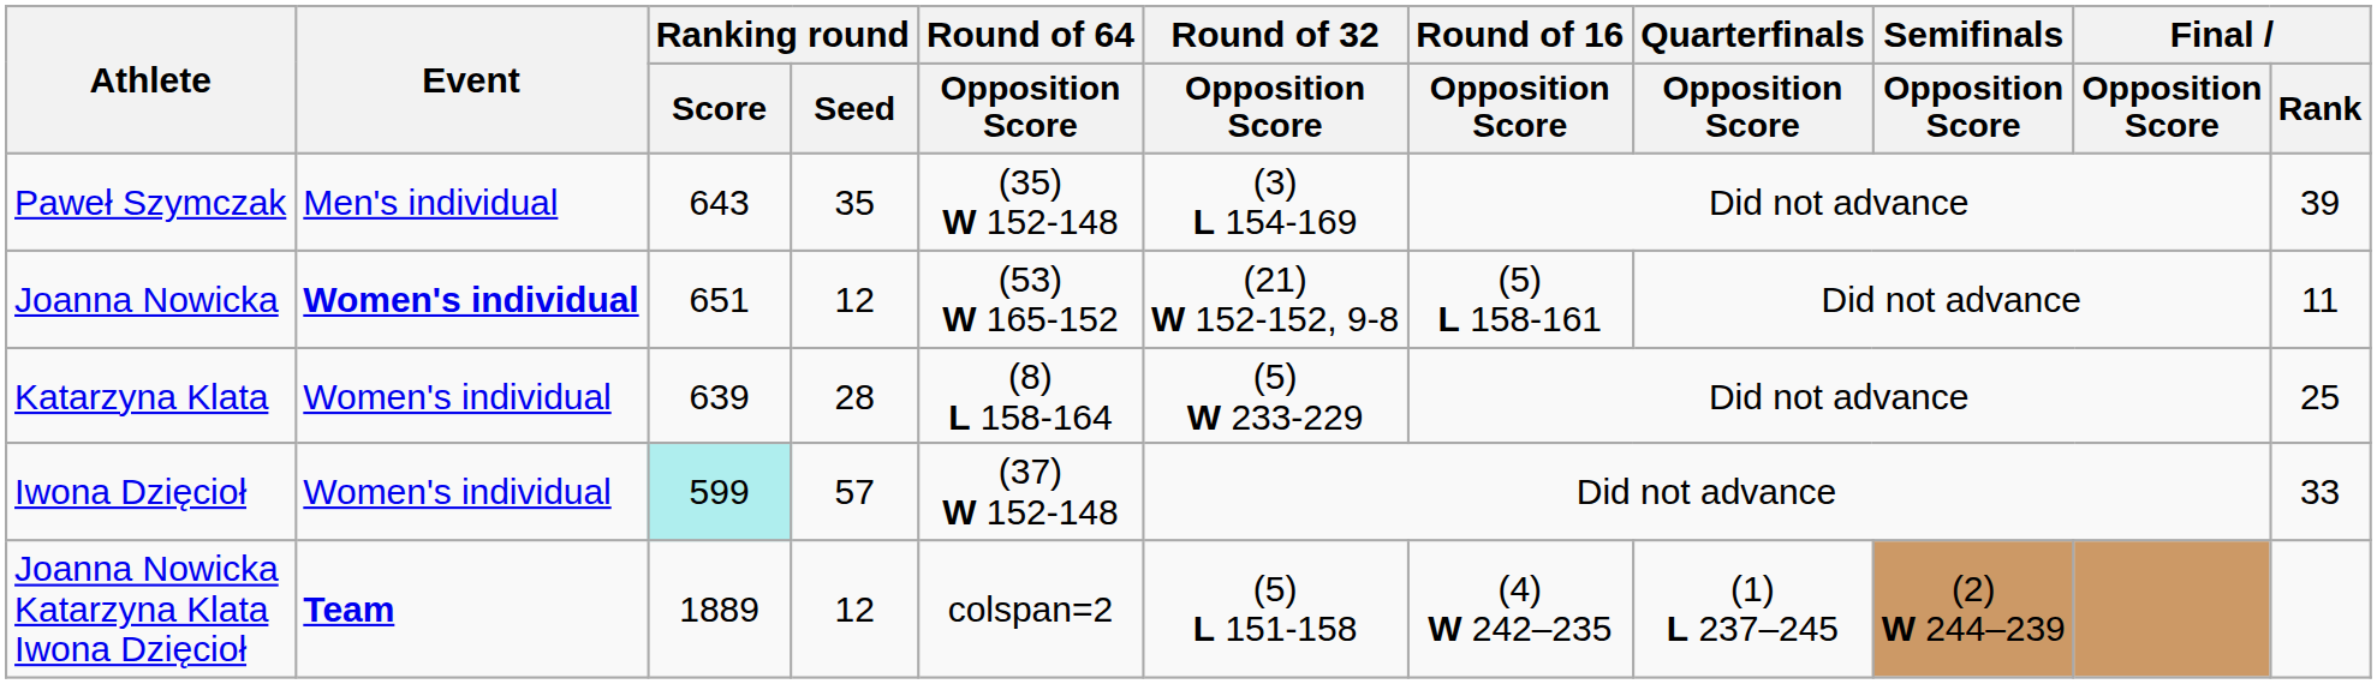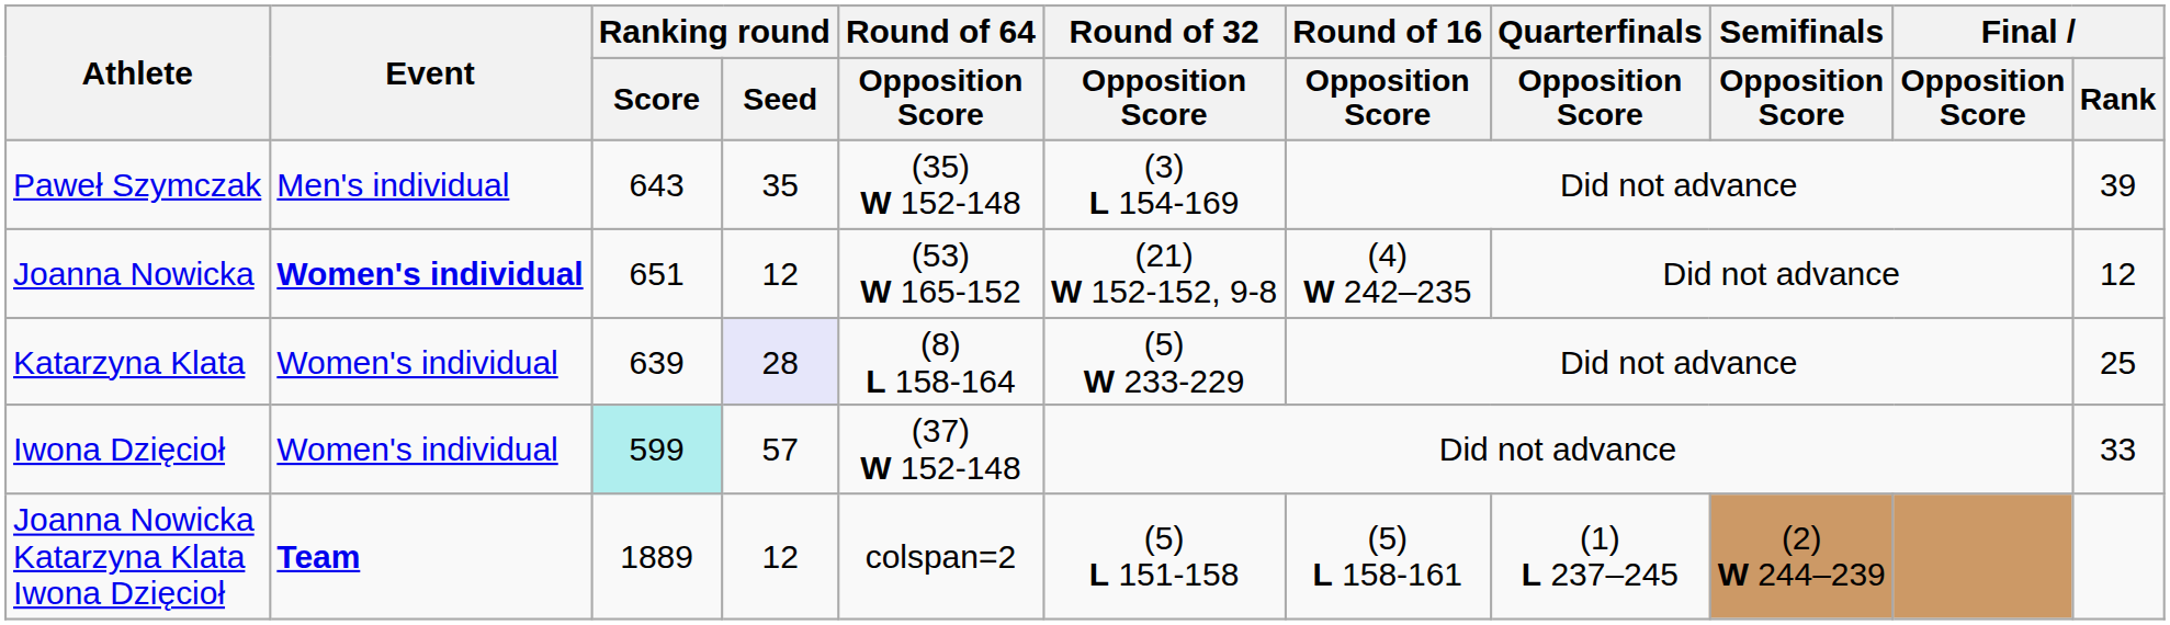 <table class="wikitable" style="font-size:90%">
 <tr>
 <th rowspan="2">Athlete</th>
 <th rowspan="2">Event</th>
 <th colspan="2">Ranking round</th>
 <th>Round of 64</th>
 <th>Round of 32</th>
 <th>Round of 16</th>
 <th>Quarterfinals</th>
 <th>Semifinals</th>
 <th colspan="2">Final / </th>
 </tr>
 <tr style="font-size:95%">
 <th>Score</th>
 <th>Seed</th>
 <th>Opposition<br>Score</th>
 <th>Opposition<br>Score</th>
 <th>Opposition<br>Score</th>
 <th>Opposition<br>Score</th>
 <th>Opposition<br>Score</th>
 <th>Opposition<br>Score</th>
 <th>Rank</th>
 </tr>
 <tr align=center>
 <td align=left><a href='#'>Paweł Szymczak</a></td>
 <td align=left><a href='#'>Men's individual</a></td>
 <td>643</td>
 <td>35</td>
 <td> (35) <br><strong>W</strong> 152-148</td>
 <td> (3) <br><strong>L</strong> 154-169</td>
 <td colspan=4>Did not advance</td>
 <td>39</td>
 </tr>
 <tr align=center>
 <td align=left><a href='#'>Joanna Nowicka</a></td>
 <td align=left><strong><a href='#'>Women's individual</a></strong></td>
 <td>651</td>
 <td>12</td>
 <td> (53)<br><strong>W</strong> 165-152</td>
 <td> (21)<br><strong>W</strong> 152-152, 9-8</td>
-<td> (5)<br><strong>L</strong> 158-161</td>
+<td> (4)<br><strong>W</strong> 242–235</td>
 <td colspan=3>Did not advance</td>
-<td>11</td>
+<td>12</td>
 </tr>
 <tr align=center>
 <td align=left><a href='#'>Katarzyna Klata</a></td>
 <td align=left><a href='#'>Women's individual</a></td>
 <td>639</td>
-<td>28</td>
+<td style="background: lavender;">28</td>
 <td> (8)<br><strong>L</strong> 158-164</td>
 <td> (5)<br><strong>W</strong> 233-229</td>
 <td colspan=4>Did not advance</td>
 <td>25</td>
 </tr>
 <tr align=center>
 <td align=left><a href='#'>Iwona Dzięcioł</a></td>
 <td align=left><a href='#'>Women's individual</a></td>
 <td style="background: paleturquoise;">599</td>
 <td>57</td>
 <td> (37)<br><strong>W</strong> 152-148</td>
 <td colspan=5>Did not advance</td>
 <td>33</td>
 </tr>
 <tr align=center>
 <td align=left><a href='#'>Joanna Nowicka</a><br><a href='#'>Katarzyna Klata</a><br><a href='#'>Iwona Dzięcioł</a></td>
 <td align=left><strong><a href='#'>Team</a></strong></td>
 <td>1889</td>
 <td>12</td>
 <td>colspan=2 </td>
 <td> (5)<br><strong>L</strong> 151-158</td>
-<td> (4)<br><strong>W</strong> 242–235</td>
+<td> (5)<br><strong>L</strong> 158-161</td>
 <td> (1)<br><strong>L</strong> 237–245</td>
 <td align="center" bgcolor='cc9966'> (2)<br><strong>W</strong> 244–239</td>
 <td align="center" bgcolor='cc9966'></td>
 </tr>
 </table>
